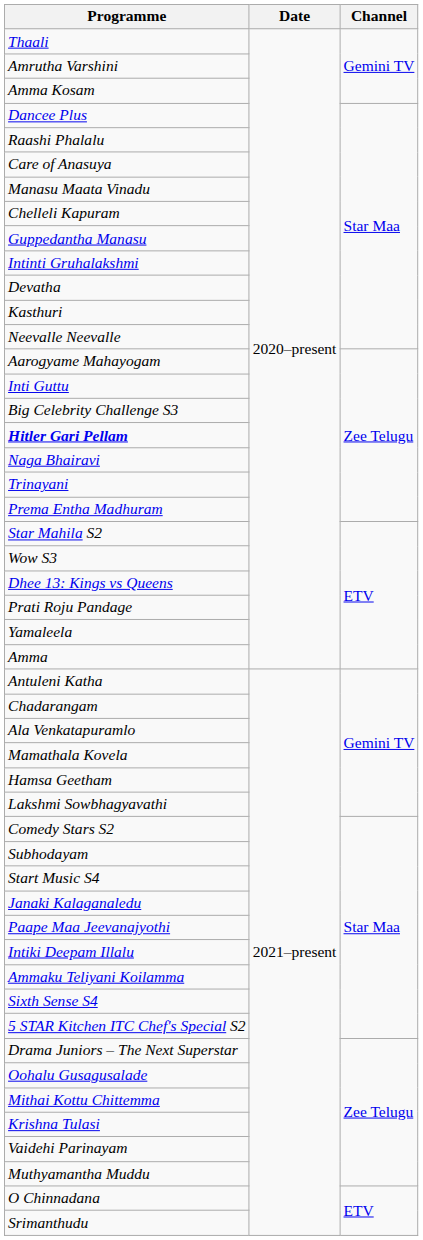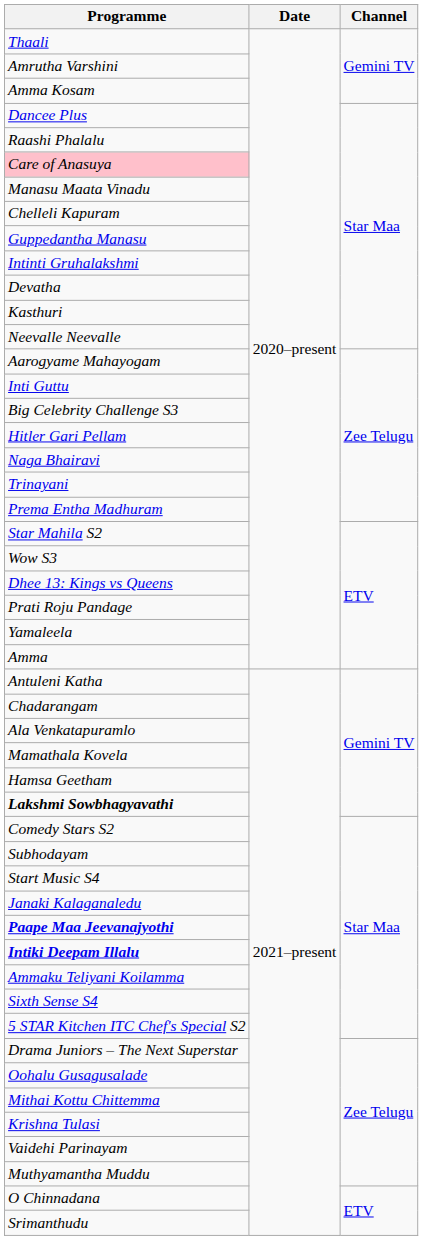 <table class="wikitable sortable">
 <tr>
 <th>Programme</th>
 <th>Date</th>
 <th>Channel</th>
 </tr>
 <tr>
 <td><em><a href='#'>Thaali</a></em></td>
 <td rowspan="26">2020–present</td>
 <td rowspan="3"><a href='#'>Gemini TV</a></td>
 </tr>
 <tr>
 <td><em>Amrutha Varshini</em></td>
 </tr>
 <tr>
 <td><em>Amma Kosam</em></td>
 </tr>
 <tr>
 <td><em><a href='#'>Dancee Plus</a></em></td>
 <td rowspan="10"><a href='#'>Star Maa</a></td>
 </tr>
 <tr>
 <td><em>Raashi Phalalu</em></td>
 </tr>
 <tr>
-<td><em>Care of Anasuya</em></td>
+<td style="background: pink;"><em>Care of Anasuya</em></td>
 </tr>
 <tr>
 <td><em>Manasu Maata Vinadu</em></td>
 </tr>
 <tr>
 <td><em>Chelleli Kapuram</em></td>
 </tr>
 <tr>
 <td><em><a href='#'>Guppedantha Manasu</a></em></td>
 </tr>
 <tr>
 <td><em><a href='#'>Intinti Gruhalakshmi</a></em></td>
 </tr>
 <tr>
 <td><em>Devatha</em></td>
 </tr>
 <tr>
 <td><em>Kasthuri</em></td>
 </tr>
 <tr>
 <td><em>Neevalle Neevalle</em></td>
 </tr>
 <tr>
 <td><em>Aarogyame Mahayogam</em></td>
 <td rowspan="7"><a href='#'>Zee Telugu</a></td>
 </tr>
 <tr>
 <td><em><a href='#'>Inti Guttu</a></em></td>
 </tr>
 <tr>
 <td><em>Big Celebrity Challenge S3</em></td>
 </tr>
 <tr>
-<td><strong><em><a href='#'>Hitler Gari Pellam</a></em></strong></td>
+<td><em><a href='#'>Hitler Gari Pellam</a></em></td>
 </tr>
 <tr>
 <td><em><a href='#'>Naga Bhairavi</a></em></td>
 </tr>
 <tr>
 <td><em><a href='#'>Trinayani</a></em></td>
 </tr>
 <tr>
 <td><em><a href='#'>Prema Entha Madhuram</a></em></td>
 </tr>
 <tr>
 <td><em><a href='#'>Star Mahila</a> S2</em></td>
 <td rowspan="6"><a href='#'>ETV</a></td>
 </tr>
 <tr>
 <td><em>Wow S3</em></td>
 </tr>
 <tr>
 <td><em><a href='#'>Dhee 13: Kings vs Queens</a></em></td>
 </tr>
 <tr>
 <td><em>Prati Roju Pandage</em></td>
 </tr>
 <tr>
 <td><em>Yamaleela</em></td>
 </tr>
 <tr>
 <td><em>Amma</em></td>
 </tr>
 <tr>
 <td><em>Antuleni Katha</em></td>
 <td rowspan="23">2021–present</td>
 <td rowspan="6"><a href='#'>Gemini TV</a></td>
 </tr>
 <tr>
 <td><em>Chadarangam</em></td>
 </tr>
 <tr>
 <td><em>Ala Venkatapuramlo</em></td>
 </tr>
 <tr>
 <td><em>Mamathala Kovela</em></td>
 </tr>
 <tr>
 <td><em>Hamsa Geetham</em></td>
 </tr>
 <tr>
-<td><em>Lakshmi Sowbhagyavathi</em></td>
+<td><strong><em>Lakshmi Sowbhagyavathi</em></strong></td>
 </tr>
 <tr>
 <td><em>Comedy Stars S2</em></td>
 <td rowspan="9"><a href='#'>Star Maa</a></td>
 </tr>
 <tr>
 <td><em>Subhodayam</em></td>
 </tr>
 <tr>
 <td><em>Start Music S4</em></td>
 </tr>
 <tr>
 <td><em><a href='#'>Janaki Kalaganaledu</a></em></td>
 </tr>
 <tr>
-<td><em><a href='#'>Paape Maa Jeevanajyothi</a></em></td>
+<td><strong><em><a href='#'>Paape Maa Jeevanajyothi</a></em></strong></td>
 </tr>
 <tr>
-<td><em><a href='#'>Intiki Deepam Illalu</a></em></td>
+<td><strong><em><a href='#'>Intiki Deepam Illalu</a></em></strong></td>
 </tr>
 <tr>
 <td><em><a href='#'>Ammaku Teliyani Koilamma</a></em></td>
 </tr>
 <tr>
 <td><em><a href='#'>Sixth Sense S4</a></em></td>
 </tr>
 <tr>
 <td><em><a href='#'>5 STAR Kitchen ITC Chef's Special</a> S2</em></td>
 </tr>
 <tr>
 <td><em>Drama Juniors – The Next Superstar</em></td>
 <td rowspan="6"><a href='#'>Zee Telugu</a></td>
 </tr>
 <tr>
 <td><em><a href='#'>Oohalu Gusagusalade</a></em></td>
 </tr>
 <tr>
 <td><em><a href='#'>Mithai Kottu Chittemma</a></em></td>
 </tr>
 <tr>
 <td><em><a href='#'>Krishna Tulasi</a></em></td>
 </tr>
 <tr>
 <td><em>Vaidehi Parinayam</em></td>
 </tr>
 <tr>
 <td><em>Muthyamantha Muddu</em></td>
 </tr>
 <tr>
 <td><em>O Chinnadana</em></td>
 <td rowspan="2"><a href='#'>ETV</a></td>
 </tr>
 <tr>
 <td><em>Srimanthudu</em></td>
 </tr>
 </table>
